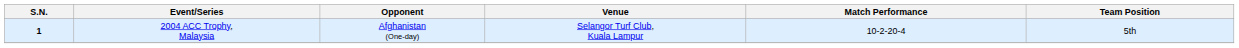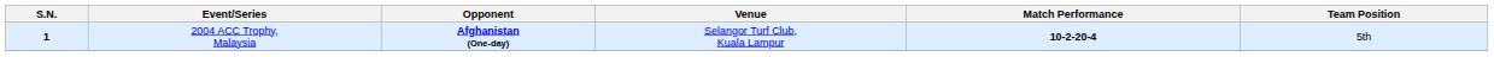 <table class="wikitable sortable" style="font-size:90%; width: 100%; text-align: center;">
 <tr>
 <th>S.N.</th>
 <th>Event/Series</th>
 <th>Opponent</th>
 <th>Venue</th>
 <th>Match Performance</th>
 <th>Team Position</th>
 </tr>
 <tr style="background:#ddeeff">
 <td><strong>1</strong></td>
 <td><a href='#'>2004 ACC Trophy</a>,<br><a href='#'>Malaysia</a></td>
-<td> <a href='#'>Afghanistan</a><br><small>(One-day)</small></td>
+<td><strong> <a href='#'>Afghanistan</a><br><small>(One-day)</small></strong></td>
 <td><a href='#'>Selangor Turf Club</a>,<br><a href='#'>Kuala Lampur</a></td>
-<td>10-2-20-4<br></td>
+<td><strong>10-2-20-4<br></strong></td>
 <td>5th</td>
 </tr>
 <tr>
 </tr>
 </table>
